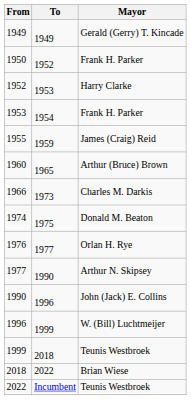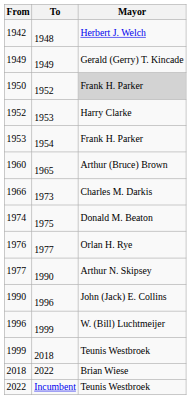 <table class="wikitable">
 <tr>
 <th>From</th>
 <th>To</th>
 <th>Mayor</th>
+</tr>
+<tr>
+<td>1942</td>
+<td><div><br>1948 </div></td>
+<td><a href='#'>Herbert J. Welch</a></td>
 </tr>
 <tr>
 <td>1949</td>
 <td><div><br>1949 </div></td>
 <td>Gerald (Gerry) T. Kincade</td>
 </tr>
 <tr>
 <td>1950</td>
 <td><div><br>1952 </div></td>
-<td>Frank H. Parker</td>
+<td style="background: lightgrey;">Frank H. Parker</td>
 </tr>
 <tr>
 <td>1952</td>
 <td><div><br>1953 </div></td>
 <td>Harry Clarke</td>
 </tr>
 <tr>
 <td>1953</td>
 <td><div><br>1954 </div></td>
 <td>Frank H. Parker</td>
-</tr>
-<tr>
-<td>1955</td>
-<td><div><br>1959 </div></td>
-<td>James (Craig) Reid</td>
 </tr>
 <tr>
 <td>1960</td>
 <td><div><br>1965 </div></td>
 <td>Arthur (Bruce) Brown</td>
 </tr>
 <tr>
 <td>1966</td>
 <td><div><br>1973 </div></td>
 <td>Charles M. Darkis</td>
 </tr>
 <tr>
 <td>1974</td>
 <td><div><br>1975 </div></td>
 <td>Donald M. Beaton</td>
 </tr>
 <tr>
 <td>1976</td>
 <td><div><br>1977 </div></td>
 <td>Orlan H. Rye</td>
 </tr>
 <tr>
 <td>1977</td>
 <td><div><br>1990 </div></td>
 <td>Arthur N. Skipsey</td>
 </tr>
 <tr>
 <td>1990</td>
 <td><div><br>1996 </div></td>
 <td>John (Jack) E. Collins</td>
 </tr>
 <tr>
 <td>1996</td>
 <td><div><br>1999 </div></td>
 <td>W. (Bill) Luchtmeijer</td>
 </tr>
 <tr>
 <td>1999</td>
 <td><div><br>2018 </div></td>
 <td>Teunis Westbroek</td>
 </tr>
 <tr>
 <td>2018</td>
 <td><div>2022</div></td>
 <td>Brian Wiese</td>
 </tr>
 <tr>
 <td>2022</td>
 <td><div><a href='#'>Incumbent</a></div></td>
 <td>Teunis Westbroek</td>
 </tr>
 </table>
